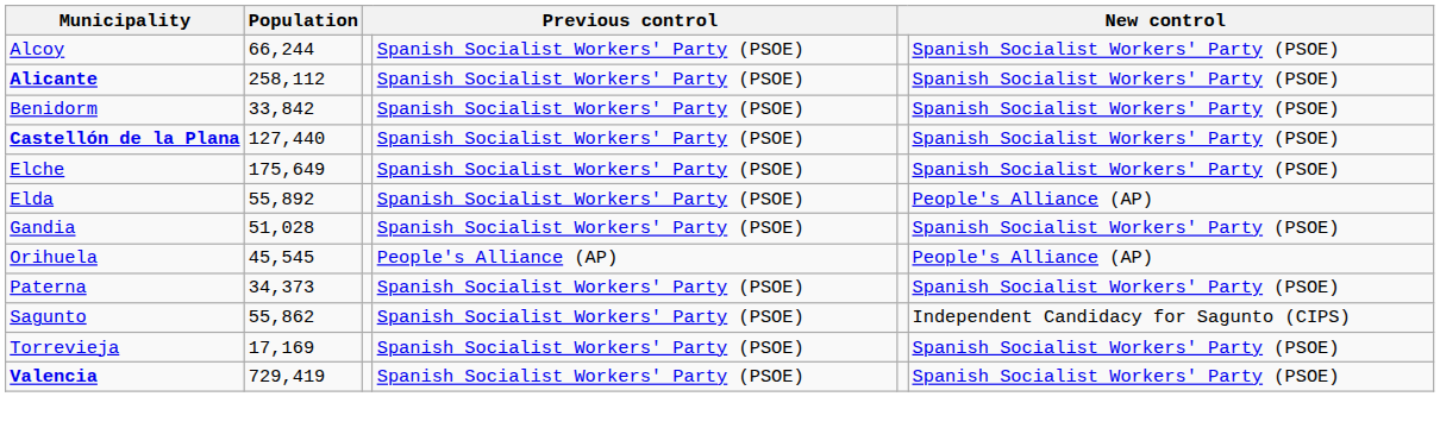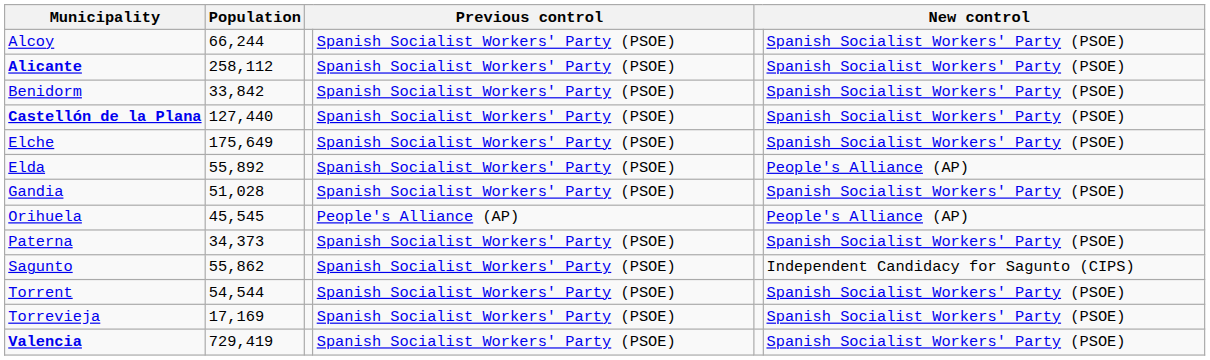 <table class="wikitable sortable">
 <tr>
 <th>Municipality</th>
 <th>Population</th>
 <th colspan="2" style="width:375px;">Previous control</th>
 <th colspan="2" style="width:375px;">New control</th>
 </tr>
 <tr>
 <td><a href='#'>Alcoy</a></td>
 <td>66,244</td>
 <td width="1" style="color:inherit;background:"></td>
 <td><a href='#'>Spanish Socialist Workers' Party</a> (PSOE)</td>
 <td width="1" style="color:inherit;background:"></td>
 <td><a href='#'>Spanish Socialist Workers' Party</a> (PSOE)</td>
 </tr>
 <tr>
 <td><strong><a href='#'>Alicante</a></strong></td>
 <td>258,112</td>
 <td style="color:inherit;background:"></td>
 <td><a href='#'>Spanish Socialist Workers' Party</a> (PSOE)</td>
 <td style="color:inherit;background:"></td>
 <td><a href='#'>Spanish Socialist Workers' Party</a> (PSOE)</td>
 </tr>
 <tr>
 <td><a href='#'>Benidorm</a></td>
 <td>33,842</td>
 <td style="color:inherit;background:"></td>
 <td><a href='#'>Spanish Socialist Workers' Party</a> (PSOE)</td>
 <td style="color:inherit;background:"></td>
 <td><a href='#'>Spanish Socialist Workers' Party</a> (PSOE)</td>
 </tr>
 <tr>
 <td><strong><a href='#'>Castellón de la Plana</a></strong></td>
 <td>127,440</td>
 <td style="color:inherit;background:"></td>
 <td><a href='#'>Spanish Socialist Workers' Party</a> (PSOE)</td>
 <td style="color:inherit;background:"></td>
 <td><a href='#'>Spanish Socialist Workers' Party</a> (PSOE)</td>
 </tr>
 <tr>
 <td><a href='#'>Elche</a></td>
 <td>175,649</td>
 <td style="color:inherit;background:"></td>
 <td><a href='#'>Spanish Socialist Workers' Party</a> (PSOE)</td>
 <td style="color:inherit;background:"></td>
 <td><a href='#'>Spanish Socialist Workers' Party</a> (PSOE)</td>
 </tr>
 <tr>
 <td><a href='#'>Elda</a></td>
 <td>55,892</td>
 <td style="color:inherit;background:"></td>
 <td><a href='#'>Spanish Socialist Workers' Party</a> (PSOE)</td>
 <td style="color:inherit;background:"></td>
 <td><a href='#'>People's Alliance</a> (AP)</td>
 </tr>
 <tr>
 <td><a href='#'>Gandia</a></td>
 <td>51,028</td>
 <td style="color:inherit;background:"></td>
 <td><a href='#'>Spanish Socialist Workers' Party</a> (PSOE)</td>
 <td style="color:inherit;background:"></td>
 <td><a href='#'>Spanish Socialist Workers' Party</a> (PSOE)</td>
 </tr>
 <tr>
 <td><a href='#'>Orihuela</a></td>
 <td>45,545</td>
 <td style="color:inherit;background:"></td>
 <td><a href='#'>People's Alliance</a> (AP)</td>
 <td style="color:inherit;background:"></td>
 <td><a href='#'>People's Alliance</a> (AP)</td>
 </tr>
 <tr>
 <td><a href='#'>Paterna</a></td>
 <td>34,373</td>
 <td style="color:inherit;background:"></td>
 <td><a href='#'>Spanish Socialist Workers' Party</a> (PSOE)</td>
 <td style="color:inherit;background:"></td>
 <td><a href='#'>Spanish Socialist Workers' Party</a> (PSOE)</td>
 </tr>
 <tr>
 <td><a href='#'>Sagunto</a></td>
 <td>55,862</td>
 <td style="color:inherit;background:"></td>
 <td><a href='#'>Spanish Socialist Workers' Party</a> (PSOE)</td>
 <td style="color:inherit;background:"></td>
 <td>Independent Candidacy for Sagunto (CIPS)</td>
 </tr>
 <tr>
+<td><a href='#'>Torrent</a></td>
+<td>54,544</td>
+<td style="color:inherit;background:"></td>
+<td><a href='#'>Spanish Socialist Workers' Party</a> (PSOE)</td>
+<td style="color:inherit;background:"></td>
+<td><a href='#'>Spanish Socialist Workers' Party</a> (PSOE)</td>
+</tr>
+<tr>
 <td><a href='#'>Torrevieja</a></td>
 <td>17,169</td>
 <td style="color:inherit;background:"></td>
 <td><a href='#'>Spanish Socialist Workers' Party</a> (PSOE)</td>
 <td style="color:inherit;background:"></td>
 <td><a href='#'>Spanish Socialist Workers' Party</a> (PSOE) </td>
 </tr>
 <tr>
 <td><strong><a href='#'>Valencia</a></strong></td>
 <td>729,419</td>
 <td style="color:inherit;background:"></td>
 <td><a href='#'>Spanish Socialist Workers' Party</a> (PSOE)</td>
 <td style="color:inherit;background:"></td>
 <td><a href='#'>Spanish Socialist Workers' Party</a> (PSOE)</td>
 </tr>
 </table>
